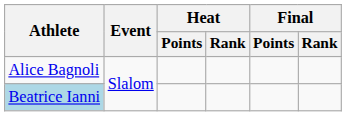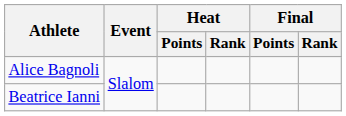 <table class=wikitable style="font-size:90%">
 <tr>
 <th rowspan="2">Athlete</th>
 <th rowspan="2">Event</th>
 <th colspan="2">Heat</th>
 <th colspan="2">Final</th>
 </tr>
 <tr style="font-size:95%">
 <th>Points</th>
 <th>Rank</th>
 <th>Points</th>
 <th>Rank</th>
 </tr>
 <tr align=center>
 <td align=left><a href='#'>Alice Bagnoli</a></td>
 <td align=left rowspan=2><a href='#'>Slalom</a></td>
 <td></td>
 <td></td>
 <td></td>
 <td></td>
 </tr>
 <tr align=center>
-<td align=left style="background: lightblue;"><a href='#'>Beatrice Ianni</a></td>
+<td align=left><a href='#'>Beatrice Ianni</a></td>
 <td></td>
 <td></td>
 <td></td>
 <td></td>
 </tr>
 </table>
